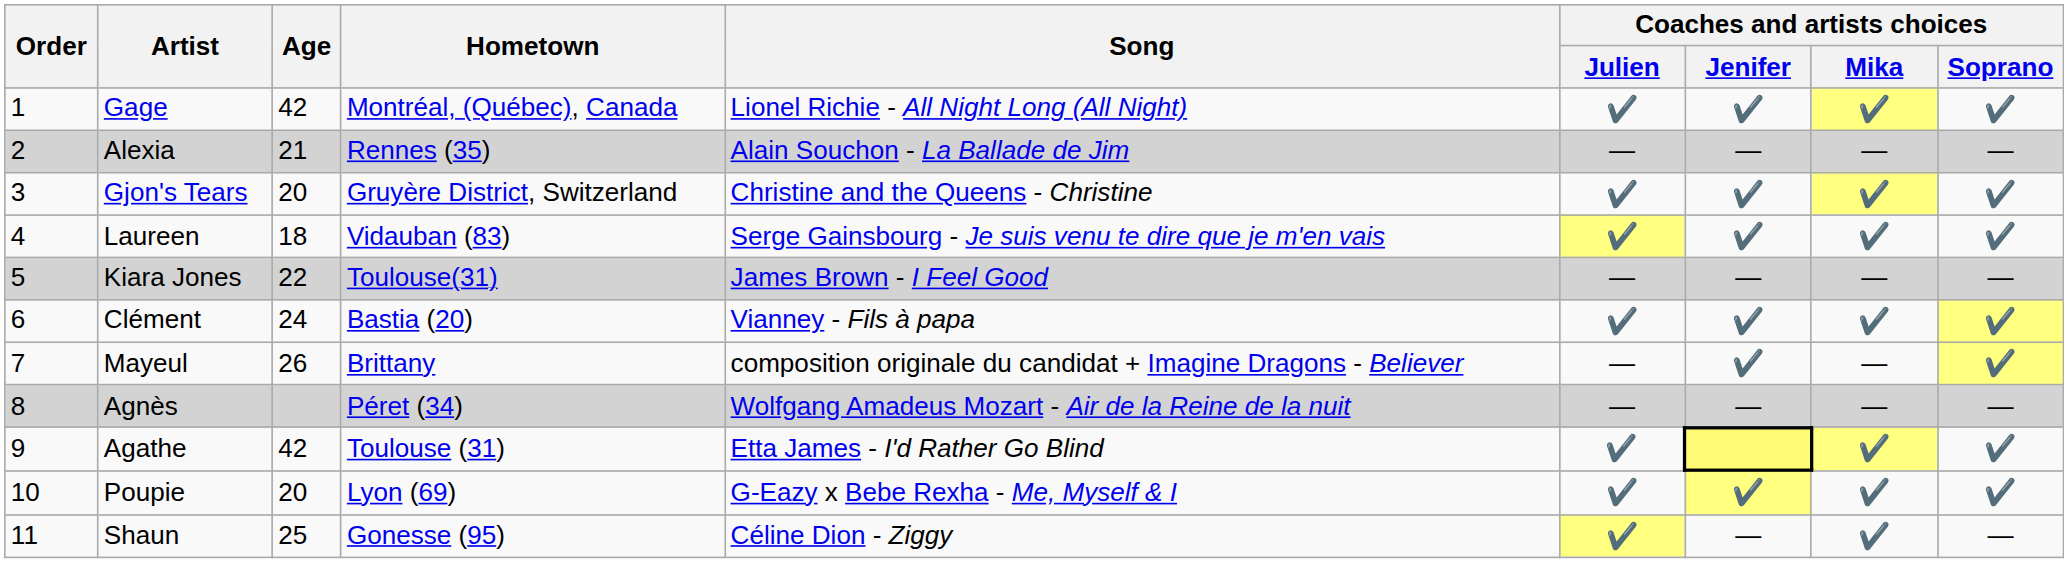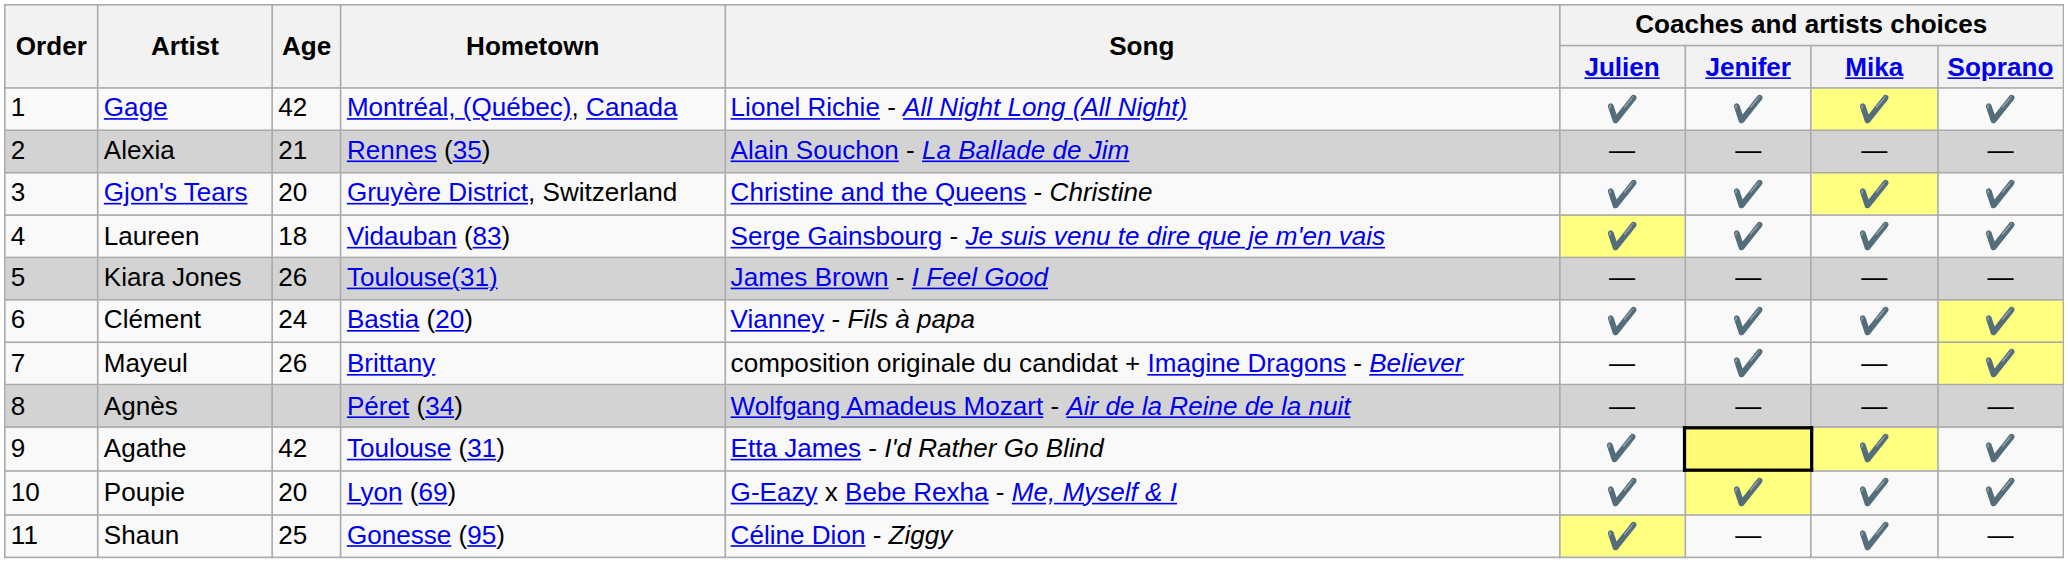 <table class="wikitable" style="width:100%;">
 <tr>
 <th rowspan="2" scope="col">Order</th>
 <th rowspan="2" scope="col">Artist</th>
 <th rowspan="2" scope="col">Age</th>
 <th rowspan="2" scope="col">Hometown</th>
 <th rowspan="2" scope="col">Song</th>
 <th colspan="4" scope="col">Coaches and artists choices</th>
 </tr>
 <tr>
 <th scope="col" width="70"><a href='#'>Julien</a></th>
 <th scope="col" width="70"><a href='#'>Jenifer</a></th>
 <th scope="col" width="70"><a href='#'>Mika</a></th>
 <th scope="col" width="70"><a href='#'>Soprano</a></th>
 </tr>
 <tr>
 <td>1</td>
 <td><a href='#'>Gage</a></td>
 <td>42</td>
 <td><a href='#'>Montréal, (Québec)</a>, <a href='#'>Canada</a></td>
 <td><a href='#'>Lionel Richie</a> - <em><a href='#'>All Night Long (All Night)</a></em></td>
 <td style="text-align:center;">✔️</td>
 <td style="text-align:center;">✔️</td>
 <td style="background:#FFFF80;text-align:center;">✔️</td>
 <td style="text-align:center;">✔️</td>
 </tr>
 <tr style="background:lightgrey">
 <td>2</td>
 <td>Alexia</td>
 <td>21</td>
 <td><a href='#'>Rennes</a> (<a href='#'>35</a>)</td>
 <td><a href='#'>Alain Souchon</a> - <em><a href='#'>La Ballade de Jim</a></em></td>
 <td style="text-align:center;">—</td>
 <td style="text-align:center;">—</td>
 <td style="text-align:center;">—</td>
 <td style="text-align:center;">—</td>
 </tr>
 <tr>
 <td>3</td>
 <td><a href='#'>Gjon's Tears</a></td>
 <td>20</td>
 <td><a href='#'>Gruyère District</a>, Switzerland</td>
 <td><a href='#'>Christine and the Queens</a> - <em>Christine</em></td>
 <td style="text-align:center;">✔️</td>
 <td style="text-align:center;">✔️</td>
 <td style="background:#FFFF80;text-align:center;">✔️</td>
 <td style="text-align:center;">✔️</td>
 </tr>
 <tr>
 <td>4</td>
 <td>Laureen</td>
 <td>18</td>
 <td><a href='#'>Vidauban</a> (<a href='#'>83</a>)</td>
 <td><a href='#'>Serge Gainsbourg</a> - <em><a href='#'>Je suis venu te dire que je m'en vais</a></em></td>
 <td style="background:#FFFF80;text-align:center;">✔️</td>
 <td style="text-align:center;">✔️</td>
 <td style="text-align:center;">✔️</td>
 <td style="text-align:center;">✔️</td>
 </tr>
 <tr style="background:lightgrey">
 <td>5</td>
 <td>Kiara Jones</td>
-<td>22</td>
+<td>26</td>
 <td><a href='#'>Toulouse(31)</a></td>
 <td><a href='#'>James Brown</a> - <em><a href='#'>I Feel Good</a></em></td>
 <td style="text-align:center;">—</td>
 <td style="text-align:center;">—</td>
 <td style="text-align:center;">—</td>
 <td style="text-align:center;">—</td>
 </tr>
 <tr>
 <td>6</td>
 <td>Clément</td>
 <td>24</td>
 <td><a href='#'>Bastia</a> (<a href='#'>20</a>)</td>
 <td><a href='#'>Vianney</a> - <em>Fils à papa</em></td>
 <td style="text-align:center;">✔️</td>
 <td style="text-align:center;">✔️</td>
 <td style="text-align:center;">✔️</td>
 <td style="background:#FFFF80;text-align:center;">✔️</td>
 </tr>
 <tr>
 <td>7</td>
 <td>Mayeul</td>
 <td>26</td>
 <td><a href='#'>Brittany</a></td>
 <td>composition originale du candidat + <a href='#'>Imagine Dragons</a> - <em><a href='#'>Believer</a></em></td>
 <td style="text-align:center;">—</td>
 <td style="text-align:center;">✔️</td>
 <td style="text-align:center;">—</td>
 <td style="background:#FFFF80;text-align:center;">✔️</td>
 </tr>
 <tr style="background:lightgrey">
 <td>8</td>
 <td>Agnès</td>
 <td></td>
 <td><a href='#'>Péret</a> (<a href='#'>34</a>)</td>
 <td><a href='#'>Wolfgang Amadeus Mozart</a> - <em><a href='#'>Air de la Reine de la nuit</a></em></td>
 <td style="text-align:center;">—</td>
 <td style="text-align:center;">—</td>
 <td style="text-align:center;">—</td>
 <td style="text-align:center;">—</td>
 </tr>
 <tr>
 <td>9</td>
 <td>Agathe</td>
 <td>42</td>
 <td><a href='#'>Toulouse</a> (<a href='#'>31</a>)</td>
 <td><a href='#'>Etta James</a> - <em>I'd Rather Go Blind</em></td>
 <td style="text-align:center;">✔️</td>
 <td style="text-align:center; background-color:#fffa73; border-left: 2px solid black; border-top: 2px solid black; border-bottom: 2px solid; border-right: 2px solid"></td>
 <td style="background:#FFFF80;text-align:center;">✔️</td>
 <td style="text-align:center;">✔️</td>
 </tr>
 <tr>
 <td>10</td>
 <td>Poupie</td>
 <td>20</td>
 <td><a href='#'>Lyon</a> (<a href='#'>69</a>)</td>
 <td><a href='#'>G-Eazy</a> x <a href='#'>Bebe Rexha</a> - <em><a href='#'>Me, Myself & I</a></em></td>
 <td style="text-align:center;">✔️</td>
 <td style="background:#FFFF80;text-align:center;">✔️</td>
 <td style="text-align:center;">✔️</td>
 <td style="text-align:center;">✔️</td>
 </tr>
 <tr>
 <td>11</td>
 <td>Shaun</td>
 <td>25</td>
 <td><a href='#'>Gonesse</a> (<a href='#'>95</a>)</td>
 <td><a href='#'>Céline Dion</a> - <em>Ziggy</em></td>
 <td style="background:#FFFF80;text-align:center;">✔️</td>
 <td style="text-align:center;">—</td>
 <td style="text-align:center;">✔️</td>
 <td style="text-align:center;">—</td>
 </tr>
 </table>
